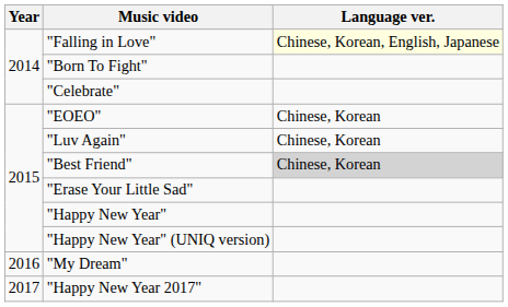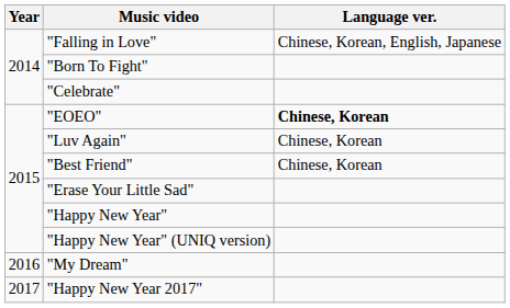 <table class="wikitable">
 <tr>
 <th>Year</th>
 <th>Music video</th>
 <th>Language ver.</th>
 </tr>
 <tr>
 <td rowspan="3">2014</td>
 <td>"Falling in Love"</td>
-<td style="background: lightyellow;">Chinese, Korean, English, Japanese</td>
+<td>Chinese, Korean, English, Japanese</td>
 </tr>
 <tr>
 <td>"Born To Fight"</td>
 <td></td>
 </tr>
 <tr>
 <td>"Celebrate"</td>
 <td></td>
 </tr>
 <tr>
 <td rowspan="6">2015</td>
 <td>"EOEO"</td>
-<td>Chinese, Korean</td>
+<td><strong>Chinese, Korean</strong></td>
 </tr>
 <tr>
 <td>"Luv Again"</td>
 <td>Chinese, Korean</td>
 </tr>
 <tr>
 <td>"Best Friend"</td>
-<td style="background: lightgrey;">Chinese, Korean</td>
+<td>Chinese, Korean</td>
 </tr>
 <tr>
 <td>"Erase Your Little Sad"</td>
 <td></td>
 </tr>
 <tr>
 <td>"Happy New Year"</td>
 <td></td>
 </tr>
 <tr>
 <td>"Happy New Year" (UNIQ version)</td>
 <td></td>
 </tr>
 <tr>
 <td>2016</td>
 <td>"My Dream"</td>
 <td></td>
 </tr>
 <tr>
 <td>2017</td>
 <td>"Happy New Year 2017"</td>
 <td></td>
 </tr>
 </table>
